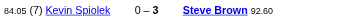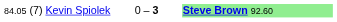 <table style="text-align:center">
 <tr>
 <th width=223></th>
 <th width=100></th>
 <th width=223></th>
 </tr>
 <tr>
 <td align=right><small>84.05</small> (7) <a href='#'>Kevin Spiolek</a> </td>
 <td>0 – <strong>3</strong></td>
-<td align=left> <strong><a href='#'>Steve Brown</a></strong> <small>92.60</small></td>
+<td align=left style="background: lightgreen;"> <strong><a href='#'>Steve Brown</a></strong> <small>92.60</small></td>
 </tr>
 </table>
